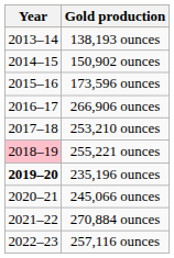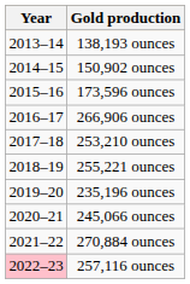 <table class="wikitable">
 <tr style="text-align:center; background:#daa520;">
 <th>Year</th>
 <th>Gold production</th>
 </tr>
 <tr style="text-align:center;">
 <td>2013–14</td>
 <td>138,193 ounces </td>
 </tr>
 <tr style="text-align:center;">
 <td>2014–15</td>
 <td>150,902 ounces </td>
 </tr>
 <tr style="text-align:center;">
 <td>2015–16</td>
 <td>173,596 ounces </td>
 </tr>
 <tr style="text-align:center;">
 <td>2016–17</td>
 <td>266,906 ounces </td>
 </tr>
 <tr style="text-align:center;">
 <td>2017–18</td>
 <td>253,210 ounces </td>
 </tr>
 <tr style="text-align:center;">
-<td style="background: pink;">2018–19</td>
+<td>2018–19</td>
 <td>255,221 ounces </td>
 </tr>
 <tr style="text-align:center;">
-<td><strong>2019–20</strong></td>
+<td>2019–20</td>
 <td>235,196 ounces </td>
 </tr>
 <tr style="text-align:center;">
 <td>2020–21</td>
 <td>245,066 ounces </td>
 </tr>
 <tr style="text-align:center;">
 <td>2021–22</td>
 <td>270,884 ounces </td>
 </tr>
 <tr style="text-align:center;">
-<td>2022–23</td>
+<td style="background: pink;">2022–23</td>
 <td>257,116 ounces </td>
 </tr>
 </table>
